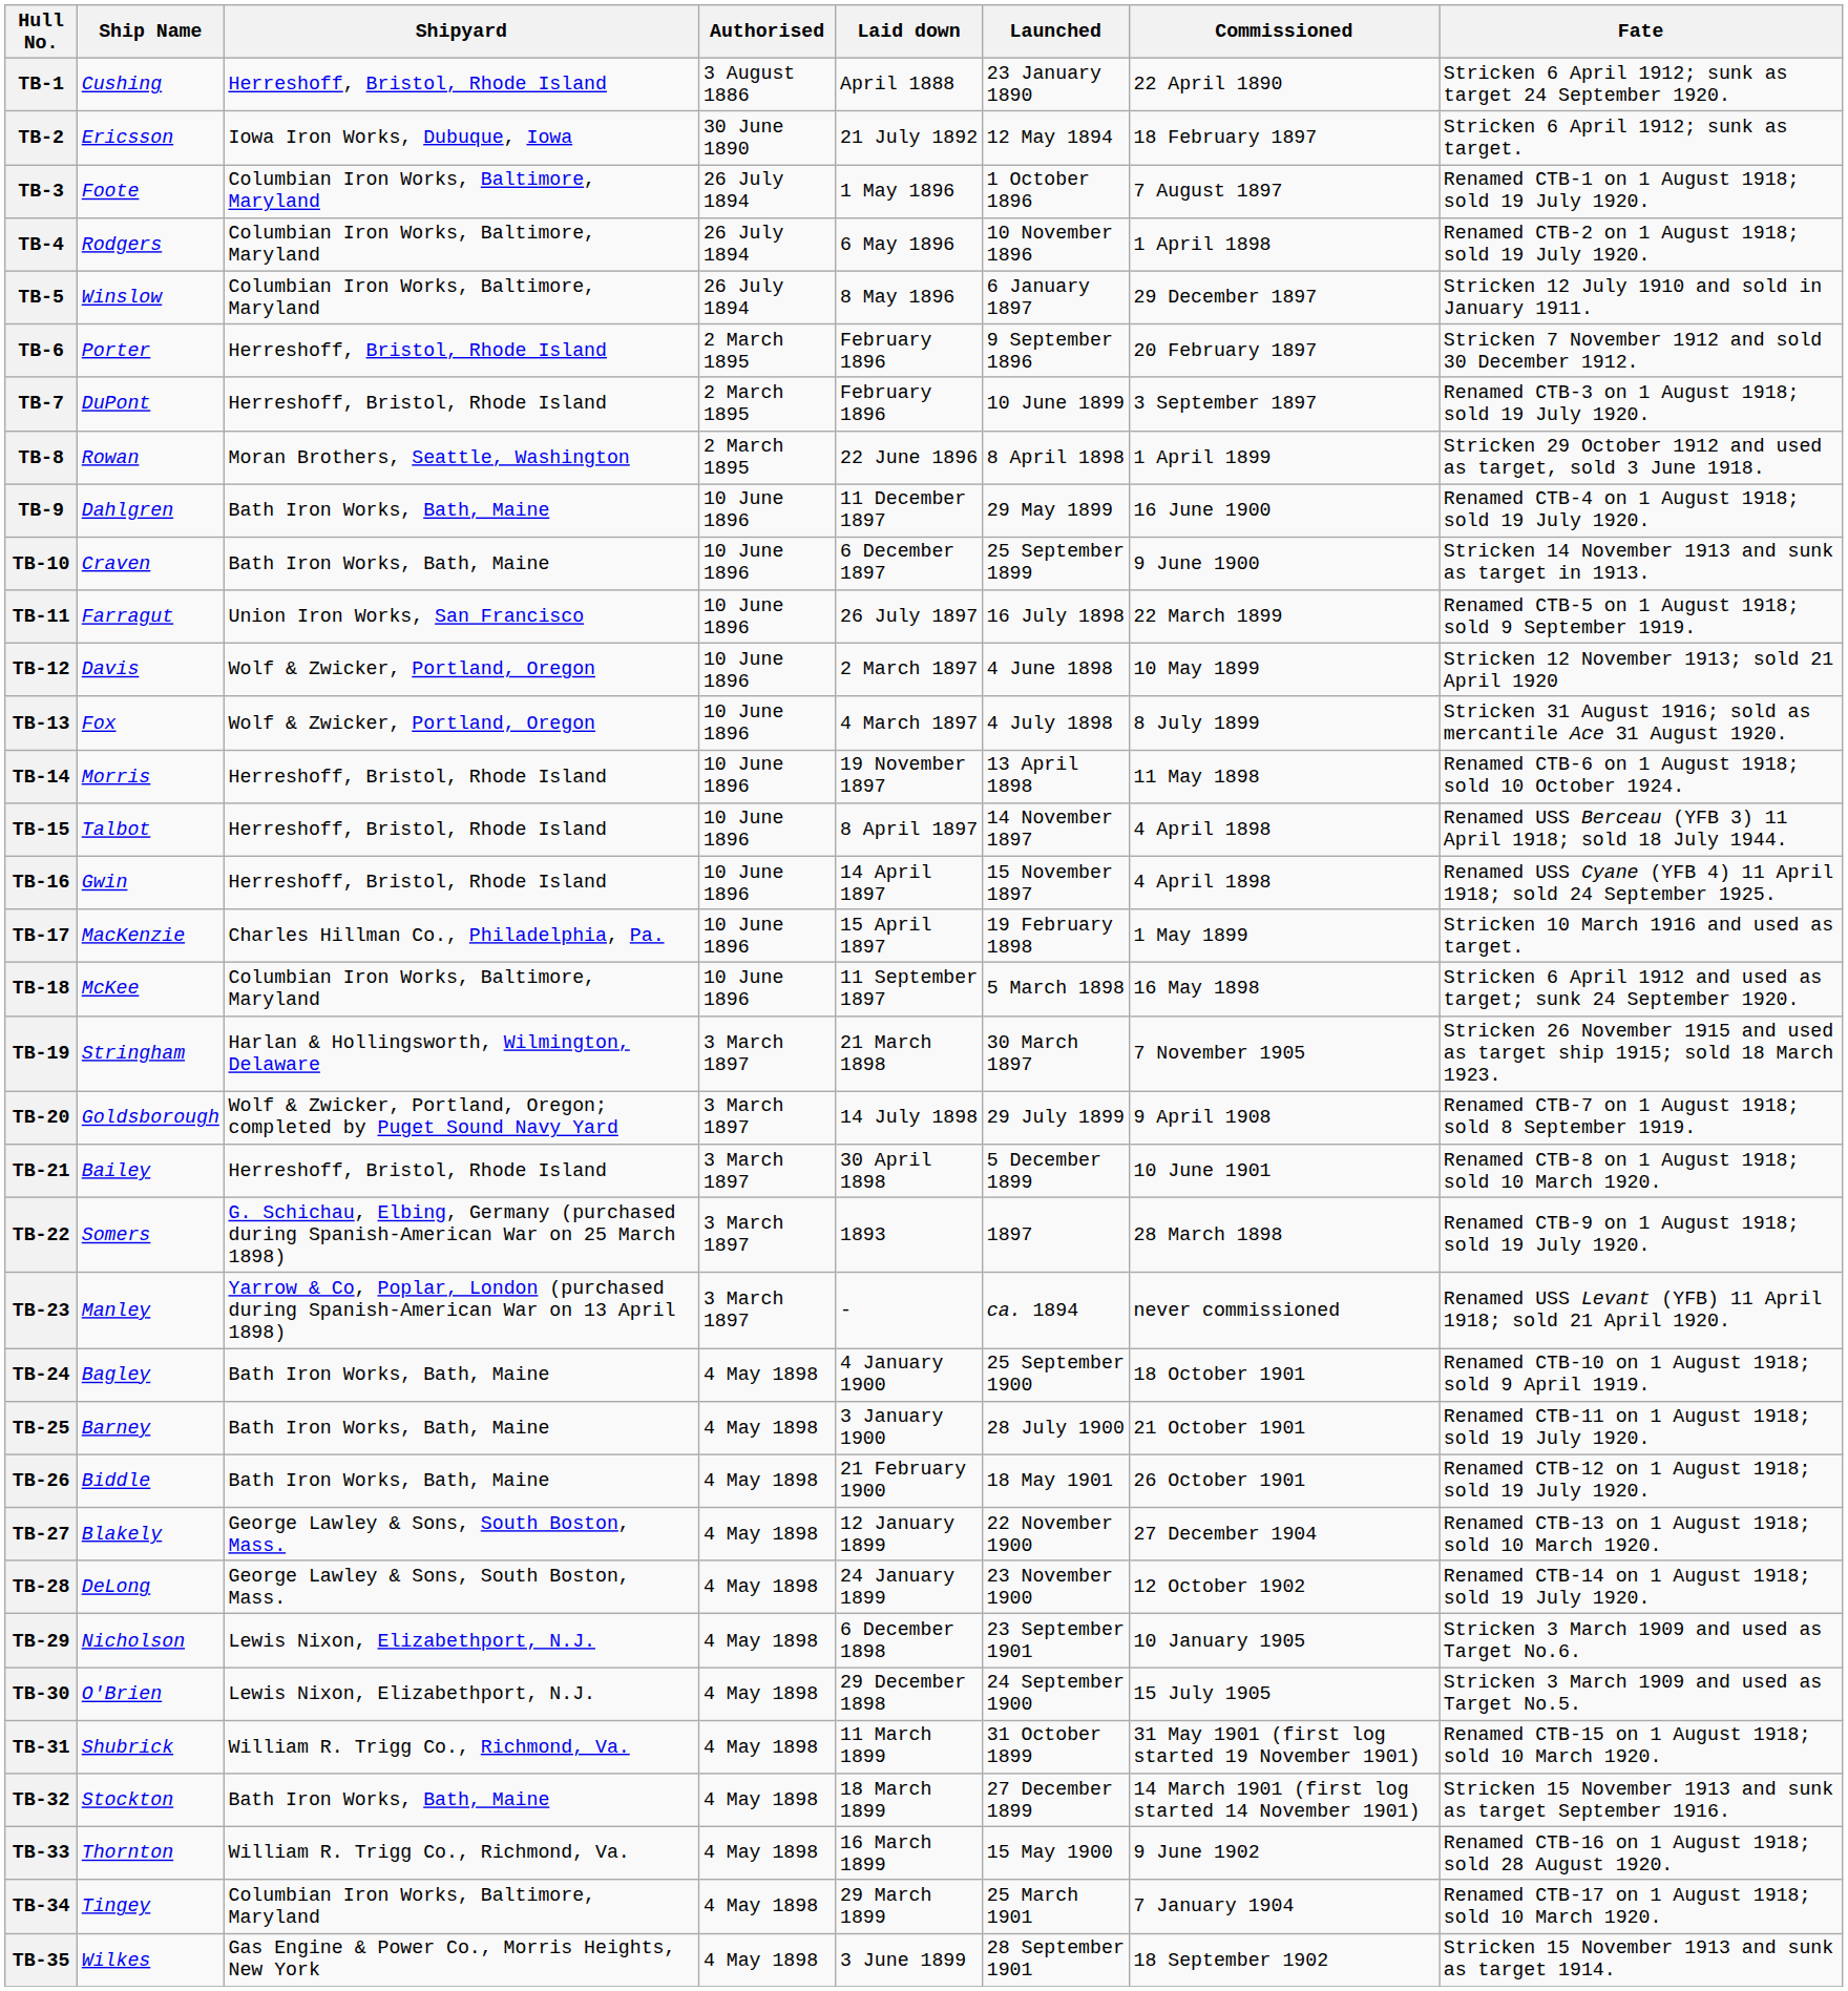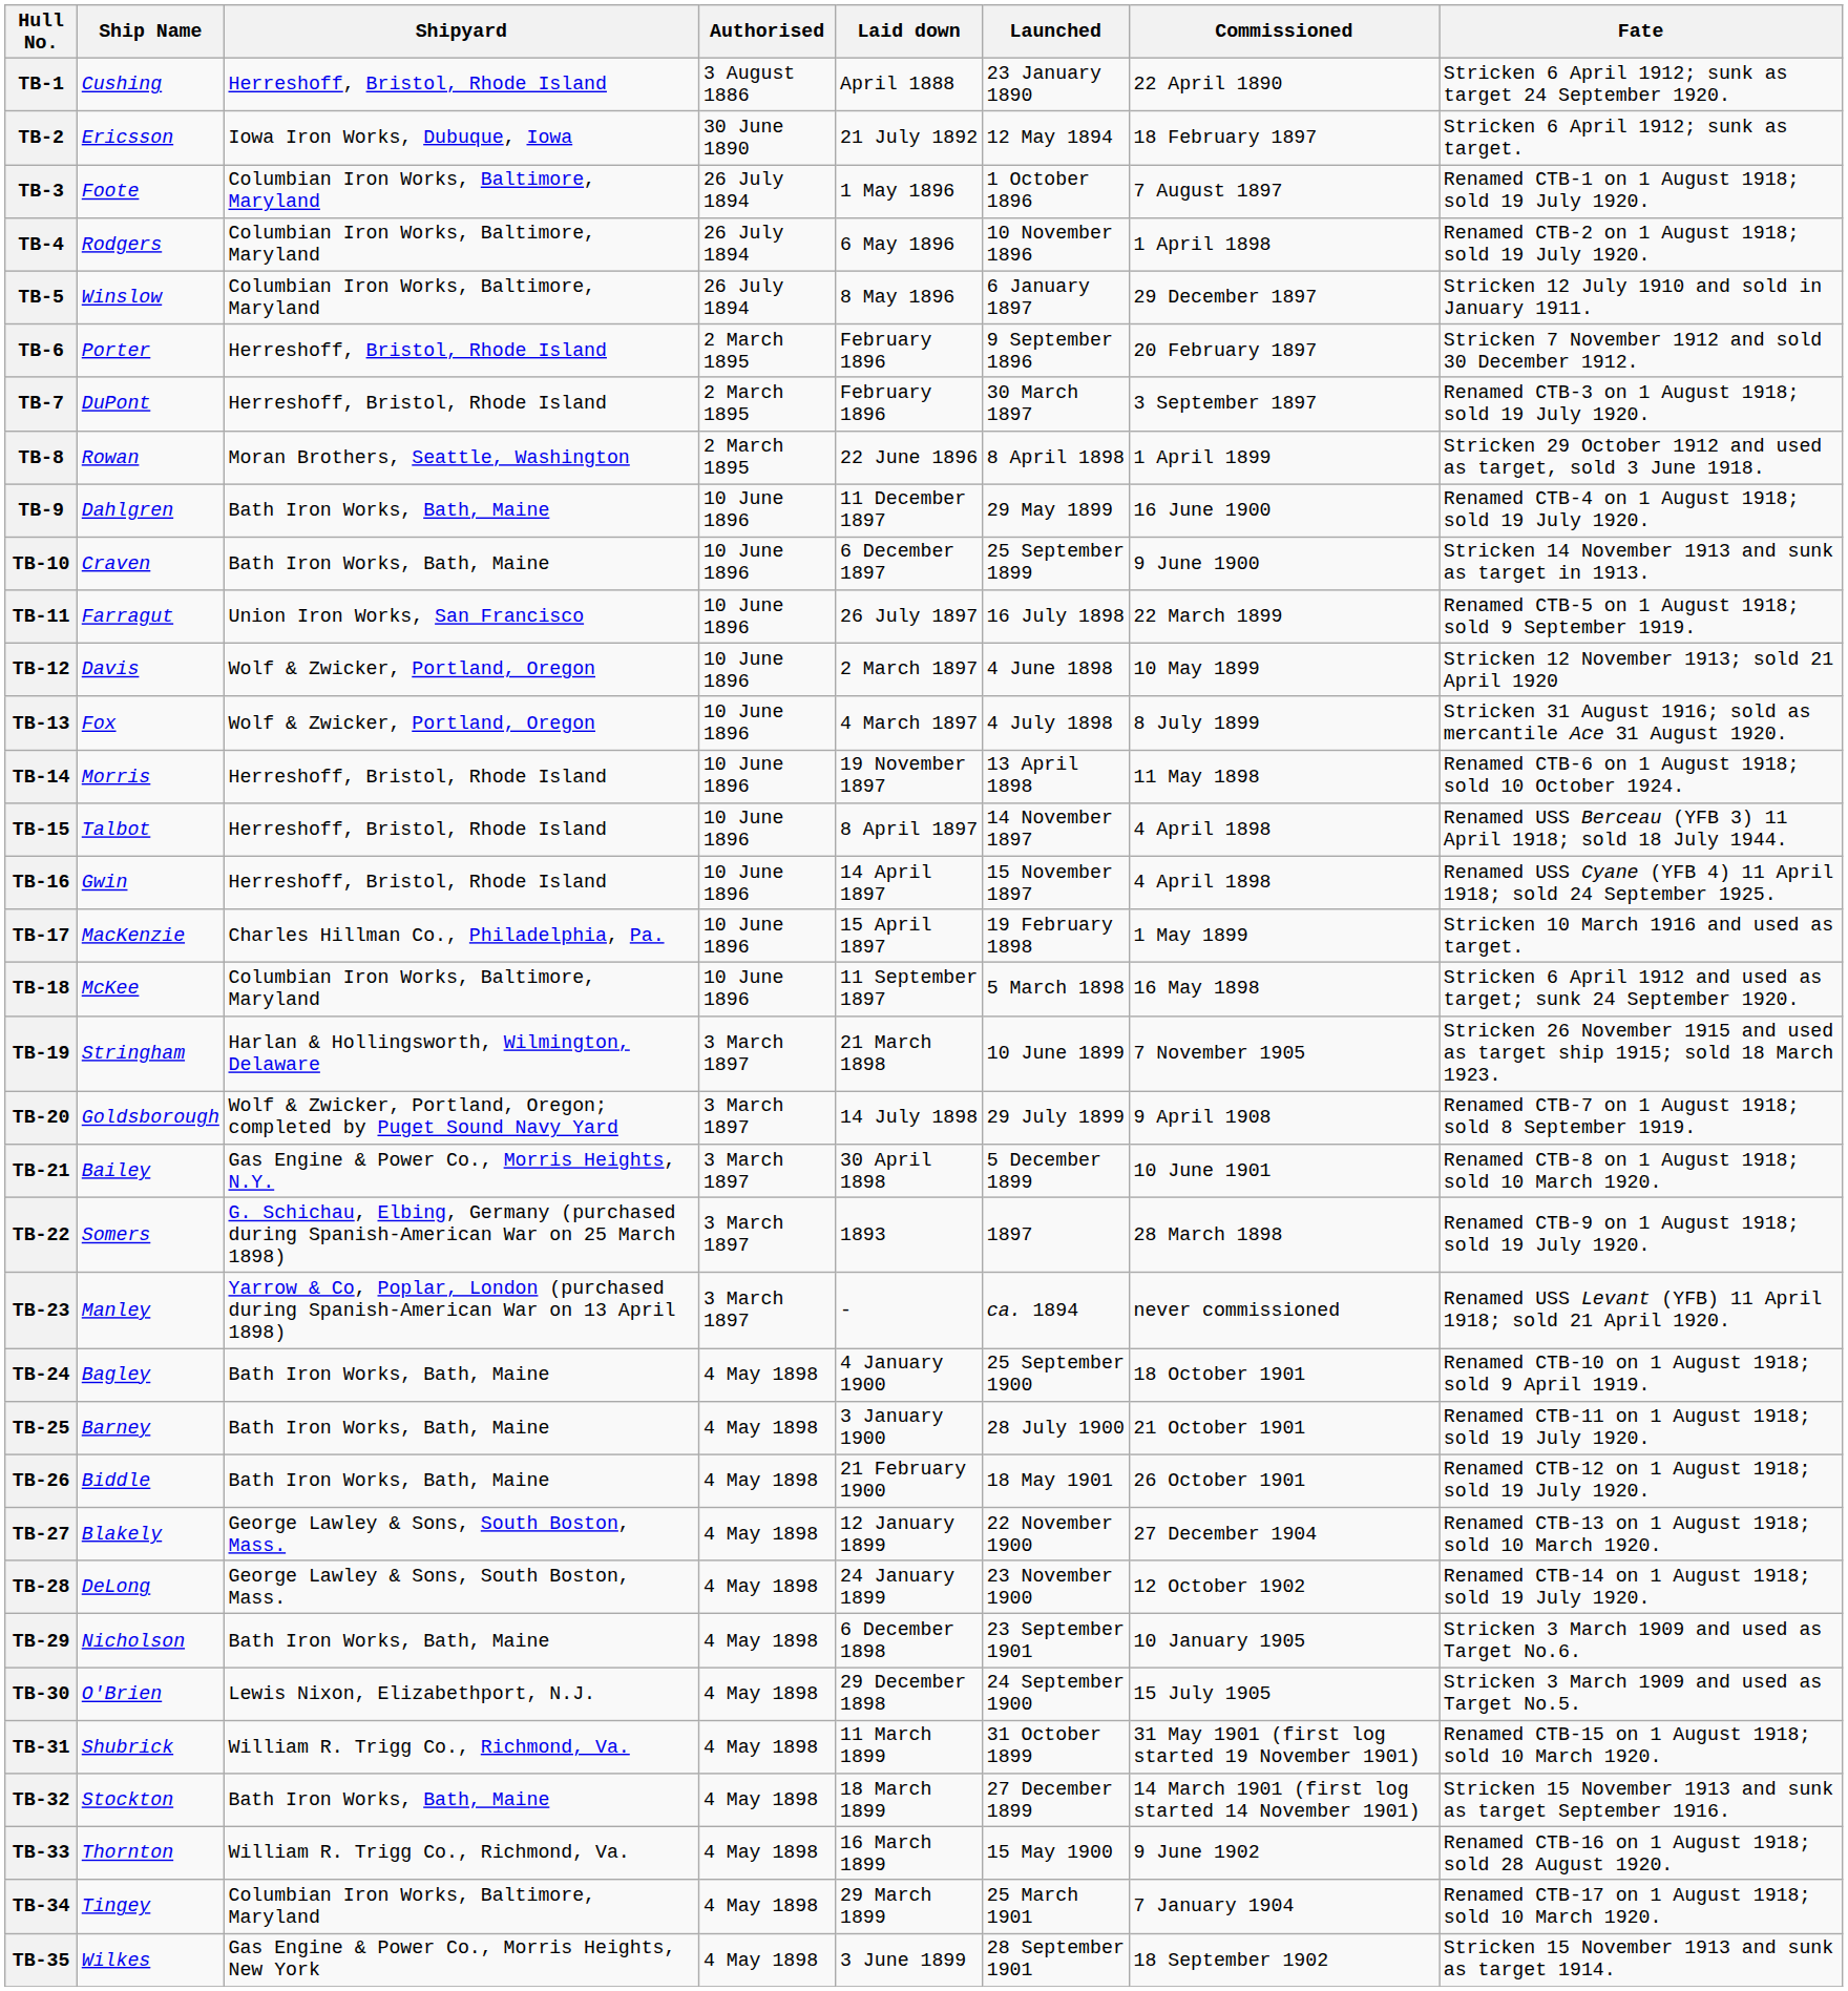 <table class="wikitable">
 <tr>
 <th>Hull No.</th>
 <th>Ship Name</th>
 <th>Shipyard</th>
 <th>Authorised</th>
 <th>Laid down</th>
 <th>Launched</th>
 <th>Commissioned</th>
 <th>Fate</th>
 </tr>
 <tr>
 <th>TB-1</th>
 <td><a href='#'><em>Cushing</em></a></td>
 <td><a href='#'>Herreshoff</a>, <a href='#'>Bristol, Rhode Island</a></td>
 <td>3 August 1886</td>
 <td>April 1888</td>
 <td>23 January 1890</td>
 <td>22 April 1890</td>
 <td>Stricken 6 April 1912; sunk as target 24 September 1920.</td>
 </tr>
 <tr>
 <th>TB-2</th>
 <td><a href='#'><em>Ericsson</em></a></td>
 <td>Iowa Iron Works, <a href='#'>Dubuque</a>, <a href='#'>Iowa</a></td>
 <td>30 June 1890</td>
 <td>21 July 1892</td>
 <td>12 May 1894</td>
 <td>18 February 1897</td>
 <td>Stricken 6 April 1912; sunk as target.</td>
 </tr>
 <tr>
 <th>TB-3</th>
 <td><a href='#'><em>Foote</em></a></td>
 <td>Columbian Iron Works, <a href='#'>Baltimore</a>, <a href='#'>Maryland</a></td>
 <td>26 July 1894</td>
 <td>1 May 1896</td>
 <td>1 October 1896</td>
 <td>7 August 1897</td>
 <td>Renamed CTB-1 on 1 August 1918; sold 19 July 1920.</td>
 </tr>
 <tr>
 <th>TB-4</th>
 <td><a href='#'><em>Rodgers</em></a></td>
 <td>Columbian Iron Works, Baltimore, Maryland</td>
 <td>26 July 1894</td>
 <td>6 May 1896</td>
 <td>10 November 1896</td>
 <td>1 April 1898</td>
 <td>Renamed CTB-2 on 1 August 1918; sold 19 July 1920.</td>
 </tr>
 <tr>
 <th>TB-5</th>
 <td><a href='#'><em>Winslow</em></a></td>
 <td>Columbian Iron Works, Baltimore, Maryland</td>
 <td>26 July 1894</td>
 <td>8 May 1896</td>
 <td>6 January 1897</td>
 <td>29 December 1897</td>
 <td>Stricken 12 July 1910 and sold in January 1911.</td>
 </tr>
 <tr>
 <th>TB-6</th>
 <td><a href='#'><em>Porter</em></a></td>
 <td>Herreshoff, <a href='#'>Bristol, Rhode Island</a></td>
 <td>2 March 1895</td>
 <td>February 1896</td>
 <td>9 September 1896</td>
 <td>20 February 1897</td>
 <td>Stricken 7 November 1912 and sold 30 December 1912.</td>
 </tr>
 <tr>
 <th>TB-7</th>
 <td><a href='#'><em>DuPont</em></a></td>
 <td>Herreshoff, Bristol, Rhode Island</td>
 <td>2 March 1895</td>
 <td>February 1896</td>
-<td>10 June 1899</td>
+<td>30 March 1897</td>
 <td>3 September 1897</td>
 <td>Renamed CTB-3 on 1 August 1918; sold 19 July 1920.</td>
 </tr>
 <tr>
 <th>TB-8</th>
 <td><a href='#'><em>Rowan</em></a></td>
 <td>Moran Brothers, <a href='#'>Seattle, Washington</a></td>
 <td>2 March 1895</td>
 <td>22 June 1896</td>
 <td>8 April 1898</td>
 <td>1 April 1899</td>
 <td>Stricken 29 October 1912 and used as target, sold 3 June 1918.</td>
 </tr>
 <tr>
 <th>TB-9</th>
 <td><a href='#'><em>Dahlgren</em></a></td>
 <td>Bath Iron Works, <a href='#'>Bath, Maine</a></td>
 <td>10 June 1896</td>
 <td>11 December 1897</td>
 <td>29 May 1899</td>
 <td>16 June 1900</td>
 <td>Renamed CTB-4 on 1 August 1918; sold 19 July 1920.</td>
 </tr>
 <tr>
 <th>TB-10</th>
 <td><a href='#'><em>Craven</em></a></td>
 <td>Bath Iron Works, Bath, Maine</td>
 <td>10 June 1896</td>
 <td>6 December 1897</td>
 <td>25 September 1899</td>
 <td>9 June 1900</td>
 <td>Stricken 14 November 1913 and sunk as target in 1913.</td>
 </tr>
 <tr>
 <th>TB-11</th>
 <td><a href='#'><em>Farragut</em></a></td>
 <td>Union Iron Works, <a href='#'>San Francisco</a></td>
 <td>10 June 1896</td>
 <td>26 July 1897</td>
 <td>16 July 1898</td>
 <td>22 March 1899</td>
 <td>Renamed CTB-5 on 1 August 1918; sold 9 September 1919.</td>
 </tr>
 <tr>
 <th>TB-12</th>
 <td><a href='#'><em>Davis</em></a></td>
 <td>Wolf & Zwicker, <a href='#'>Portland, Oregon</a></td>
 <td>10 June 1896</td>
 <td>2 March 1897</td>
 <td>4 June 1898</td>
 <td>10 May 1899</td>
 <td>Stricken 12 November 1913; sold 21 April 1920</td>
 </tr>
 <tr>
 <th>TB-13</th>
 <td><a href='#'><em>Fox</em></a></td>
 <td>Wolf & Zwicker, <a href='#'>Portland, Oregon</a></td>
 <td>10 June 1896</td>
 <td>4 March 1897</td>
 <td>4 July 1898</td>
 <td>8 July 1899</td>
 <td>Stricken 31 August 1916; sold as mercantile <em>Ace</em> 31 August 1920.</td>
 </tr>
 <tr>
 <th>TB-14</th>
 <td><a href='#'><em>Morris</em></a></td>
 <td>Herreshoff, Bristol, Rhode Island</td>
 <td>10 June 1896</td>
 <td>19 November 1897</td>
 <td>13 April 1898</td>
 <td>11 May 1898</td>
 <td>Renamed CTB-6 on 1 August 1918; sold 10 October 1924.</td>
 </tr>
 <tr>
 <th>TB-15</th>
 <td><a href='#'><em>Talbot</em></a></td>
 <td>Herreshoff, Bristol, Rhode Island</td>
 <td>10 June 1896</td>
 <td>8 April 1897</td>
 <td>14 November 1897</td>
 <td>4 April 1898</td>
 <td>Renamed USS <em>Berceau</em> (YFB 3) 11 April 1918; sold 18 July 1944.</td>
 </tr>
 <tr>
 <th>TB-16</th>
 <td><a href='#'><em>Gwin</em></a></td>
 <td>Herreshoff, Bristol, Rhode Island</td>
 <td>10 June 1896</td>
 <td>14 April 1897</td>
 <td>15 November 1897</td>
 <td>4 April 1898</td>
 <td>Renamed USS <em>Cyane</em> (YFB 4) 11 April 1918; sold 24 September 1925.</td>
 </tr>
 <tr>
 <th>TB-17</th>
 <td><a href='#'><em>MacKenzie</em></a></td>
 <td>Charles Hillman Co., <a href='#'>Philadelphia</a>, <a href='#'>Pa.</a></td>
 <td>10 June 1896</td>
 <td>15 April 1897</td>
 <td>19 February 1898</td>
 <td>1 May 1899</td>
 <td>Stricken 10 March 1916 and used as target.</td>
 </tr>
 <tr>
 <th>TB-18</th>
 <td><a href='#'><em>McKee</em></a></td>
 <td>Columbian Iron Works, Baltimore, Maryland</td>
 <td>10 June 1896</td>
 <td>11 September 1897</td>
 <td>5 March 1898</td>
 <td>16 May 1898</td>
 <td>Stricken 6 April 1912 and used as target; sunk 24 September 1920.</td>
 </tr>
 <tr>
 <th>TB-19</th>
 <td><a href='#'><em>Stringham</em></a></td>
 <td>Harlan & Hollingsworth, <a href='#'>Wilmington, Delaware</a></td>
 <td>3 March 1897</td>
 <td>21 March 1898</td>
-<td>30 March 1897</td>
+<td>10 June 1899</td>
 <td>7 November 1905</td>
 <td>Stricken 26 November 1915 and used as target ship 1915; sold 18 March 1923.</td>
 </tr>
 <tr>
 <th>TB-20</th>
 <td><a href='#'><em>Goldsborough</em></a></td>
 <td>Wolf & Zwicker, Portland, Oregon;<br>completed by <a href='#'>Puget Sound Navy Yard</a></td>
 <td>3 March 1897</td>
 <td>14 July 1898</td>
 <td>29 July 1899</td>
 <td>9 April 1908</td>
 <td>Renamed CTB-7 on 1 August 1918; sold 8 September 1919.</td>
 </tr>
 <tr>
 <th>TB-21</th>
 <td><a href='#'><em>Bailey</em></a></td>
-<td>Herreshoff, Bristol, Rhode Island</td>
+<td>Gas Engine & Power Co., <a href='#'>Morris Heights</a>, <a href='#'>N.Y.</a></td>
 <td>3 March 1897</td>
 <td>30 April 1898</td>
 <td>5 December 1899</td>
 <td>10 June 1901</td>
 <td>Renamed CTB-8 on 1 August 1918; sold 10 March 1920.</td>
 </tr>
 <tr>
 <th>TB-22</th>
 <td><a href='#'><em>Somers</em></a></td>
 <td><a href='#'>G. Schichau</a>, <a href='#'>Elbing</a>, Germany (purchased during Spanish-American War on 25 March 1898)</td>
 <td>3 March 1897</td>
 <td>1893</td>
 <td>1897</td>
 <td>28 March 1898</td>
 <td>Renamed CTB-9 on 1 August 1918; sold 19 July 1920.</td>
 </tr>
 <tr>
 <th>TB-23</th>
 <td><a href='#'><em>Manley</em></a></td>
 <td><a href='#'>Yarrow & Co</a>, <a href='#'>Poplar, London</a> (purchased during Spanish-American War on 13 April 1898)</td>
 <td>3 March 1897</td>
 <td>-</td>
 <td><em>ca.</em> 1894</td>
 <td>never commissioned</td>
 <td>Renamed USS <em>Levant</em> (YFB) 11 April 1918; sold 21 April 1920.</td>
 </tr>
 <tr>
 <th>TB-24</th>
 <td><a href='#'><em>Bagley</em></a></td>
 <td>Bath Iron Works, Bath, Maine</td>
 <td>4 May 1898</td>
 <td>4 January 1900</td>
 <td>25 September 1900</td>
 <td>18 October 1901</td>
 <td>Renamed CTB-10 on 1 August 1918; sold 9 April 1919.</td>
 </tr>
 <tr>
 <th>TB-25</th>
 <td><a href='#'><em>Barney</em></a></td>
 <td>Bath Iron Works, Bath, Maine</td>
 <td>4 May 1898</td>
 <td>3 January 1900</td>
 <td>28 July 1900</td>
 <td>21 October 1901</td>
 <td>Renamed CTB-11 on 1 August 1918; sold 19 July 1920.</td>
 </tr>
 <tr>
 <th>TB-26</th>
 <td><a href='#'><em>Biddle</em></a></td>
 <td>Bath Iron Works, Bath, Maine</td>
 <td>4 May 1898</td>
 <td>21 February 1900</td>
 <td>18 May 1901</td>
 <td>26 October 1901</td>
 <td>Renamed CTB-12 on 1 August 1918; sold 19 July 1920.</td>
 </tr>
 <tr>
 <th>TB-27</th>
 <td><a href='#'><em>Blakely</em></a></td>
 <td>George Lawley & Sons, <a href='#'>South Boston</a>, <a href='#'>Mass.</a></td>
 <td>4 May 1898</td>
 <td>12 January 1899</td>
 <td>22 November 1900</td>
 <td>27 December 1904</td>
 <td>Renamed CTB-13 on 1 August 1918; sold 10 March 1920.</td>
 </tr>
 <tr>
 <th>TB-28</th>
 <td><a href='#'><em>DeLong</em></a></td>
 <td>George Lawley & Sons, South Boston, Mass.</td>
 <td>4 May 1898</td>
 <td>24 January 1899</td>
 <td>23 November 1900</td>
 <td>12 October 1902</td>
 <td>Renamed CTB-14 on 1 August 1918; sold 19 July 1920.</td>
 </tr>
 <tr>
 <th>TB-29</th>
 <td><a href='#'><em>Nicholson</em></a></td>
-<td>Lewis Nixon, <a href='#'>Elizabethport, N.J.</a></td>
+<td>Bath Iron Works, Bath, Maine</td>
 <td>4 May 1898</td>
 <td>6 December 1898</td>
 <td>23 September 1901</td>
 <td>10 January 1905</td>
 <td>Stricken 3 March 1909 and used as Target No.6.</td>
 </tr>
 <tr>
 <th>TB-30</th>
 <td><a href='#'><em>O'Brien</em></a></td>
 <td>Lewis Nixon, Elizabethport, N.J.</td>
 <td>4 May 1898</td>
 <td>29 December 1898</td>
 <td>24 September 1900</td>
 <td>15 July 1905</td>
 <td>Stricken 3 March 1909 and used as Target No.5.</td>
 </tr>
 <tr>
 <th>TB-31</th>
 <td><a href='#'><em>Shubrick</em></a></td>
 <td>William R. Trigg Co., <a href='#'>Richmond, Va.</a></td>
 <td>4 May 1898</td>
 <td>11 March 1899</td>
 <td>31 October 1899</td>
 <td>31 May 1901 (first log started 19 November 1901)</td>
 <td>Renamed CTB-15 on 1 August 1918; sold 10 March 1920.</td>
 </tr>
 <tr>
 <th>TB-32</th>
 <td><a href='#'><em>Stockton</em></a></td>
 <td>Bath Iron Works, <a href='#'>Bath, Maine</a></td>
 <td>4 May 1898</td>
 <td>18 March 1899</td>
 <td>27 December 1899</td>
 <td>14 March 1901 (first log started 14 November 1901)</td>
 <td>Stricken 15 November 1913 and sunk as target September 1916.</td>
 </tr>
 <tr>
 <th>TB-33</th>
 <td><a href='#'><em>Thornton</em></a></td>
 <td>William R. Trigg Co., Richmond, Va.</td>
 <td>4 May 1898</td>
 <td>16 March 1899</td>
 <td>15 May 1900</td>
 <td>9 June 1902</td>
 <td>Renamed CTB-16 on 1 August 1918; sold 28 August 1920.</td>
 </tr>
 <tr>
 <th>TB-34</th>
 <td><a href='#'><em>Tingey</em></a></td>
 <td>Columbian Iron Works, Baltimore, Maryland</td>
 <td>4 May 1898</td>
 <td>29 March 1899</td>
 <td>25 March 1901</td>
 <td>7 January 1904</td>
 <td>Renamed CTB-17 on 1 August 1918; sold 10 March 1920.</td>
 </tr>
 <tr>
 <th>TB-35</th>
 <td><a href='#'><em>Wilkes</em></a></td>
 <td>Gas Engine & Power Co., Morris Heights, New York</td>
 <td>4 May 1898</td>
 <td>3 June 1899</td>
 <td>28 September 1901</td>
 <td>18 September 1902</td>
 <td>Stricken 15 November 1913 and sunk as target 1914.</td>
 </tr>
 </table>
